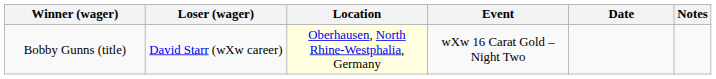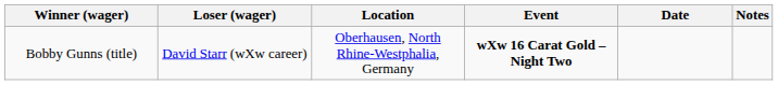 <table class="wikitable sortable" width=100%  style="text-align: center">
 <tr>
 <th width=20% scope="col">Winner (wager)</th>
 <th width=20% scope="col">Loser (wager)</th>
 <th width=20% scope="col">Location</th>
 <th width=20% scope="col">Event</th>
 <th width=15% scope="col">Date</th>
 <th class="unsortable" width=5% scope="col">Notes</th>
 </tr>
 <tr>
 <td>Bobby Gunns (title)</td>
 <td><a href='#'>David Starr</a> (wXw career)</td>
-<td style="background: lightyellow;"><a href='#'>Oberhausen</a>, <a href='#'>North Rhine-Westphalia</a>, Germany</td>
-<td>wXw 16 Carat Gold – Night Two</td>
+<td><a href='#'>Oberhausen</a>, <a href='#'>North Rhine-Westphalia</a>, Germany</td>
+<td><strong>wXw 16 Carat Gold – Night Two</strong></td>
 <td></td>
 <td></td>
 </tr>
 </table>
